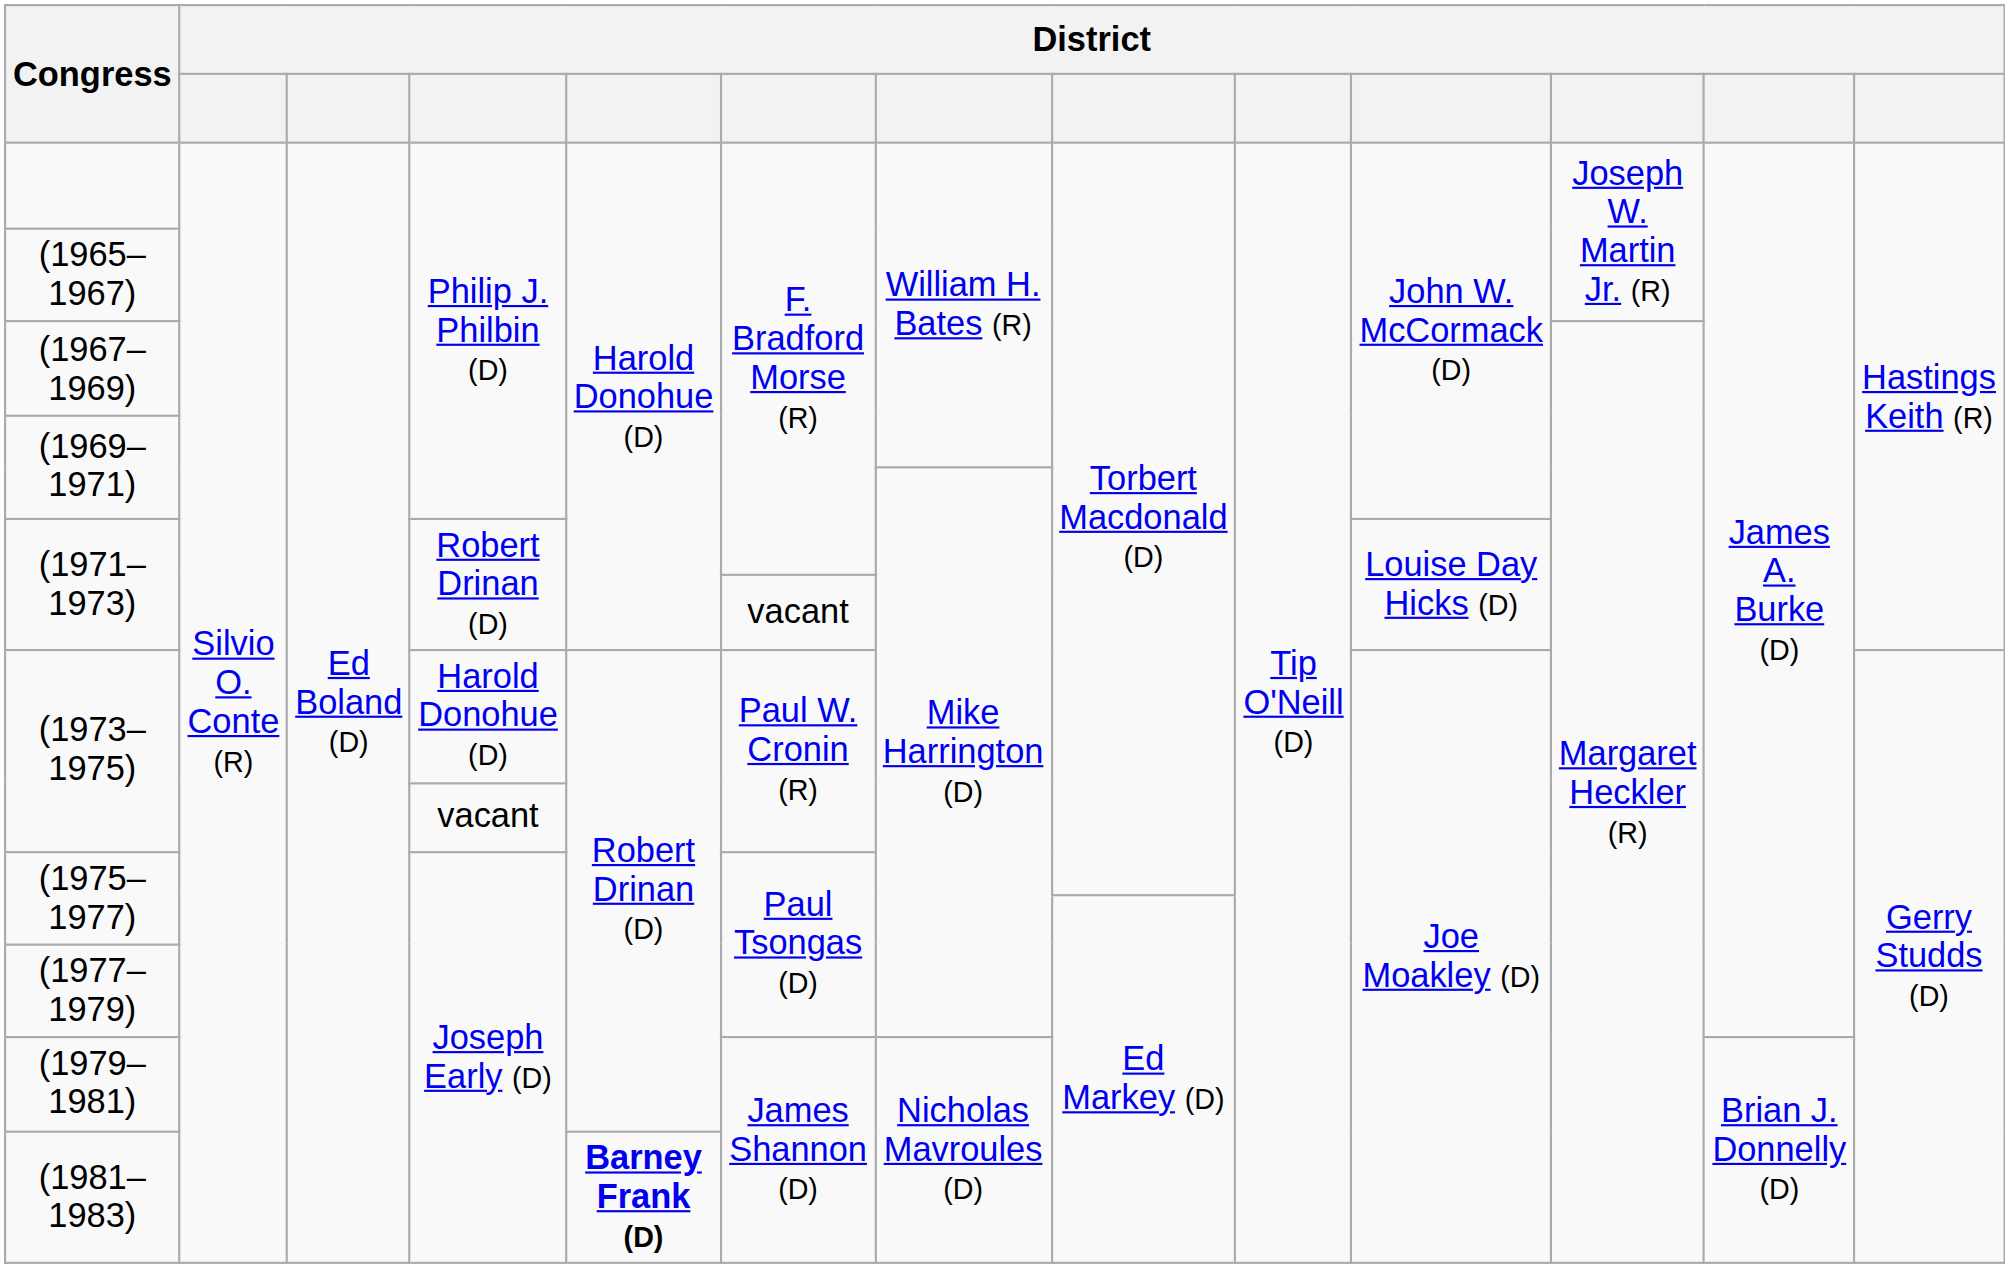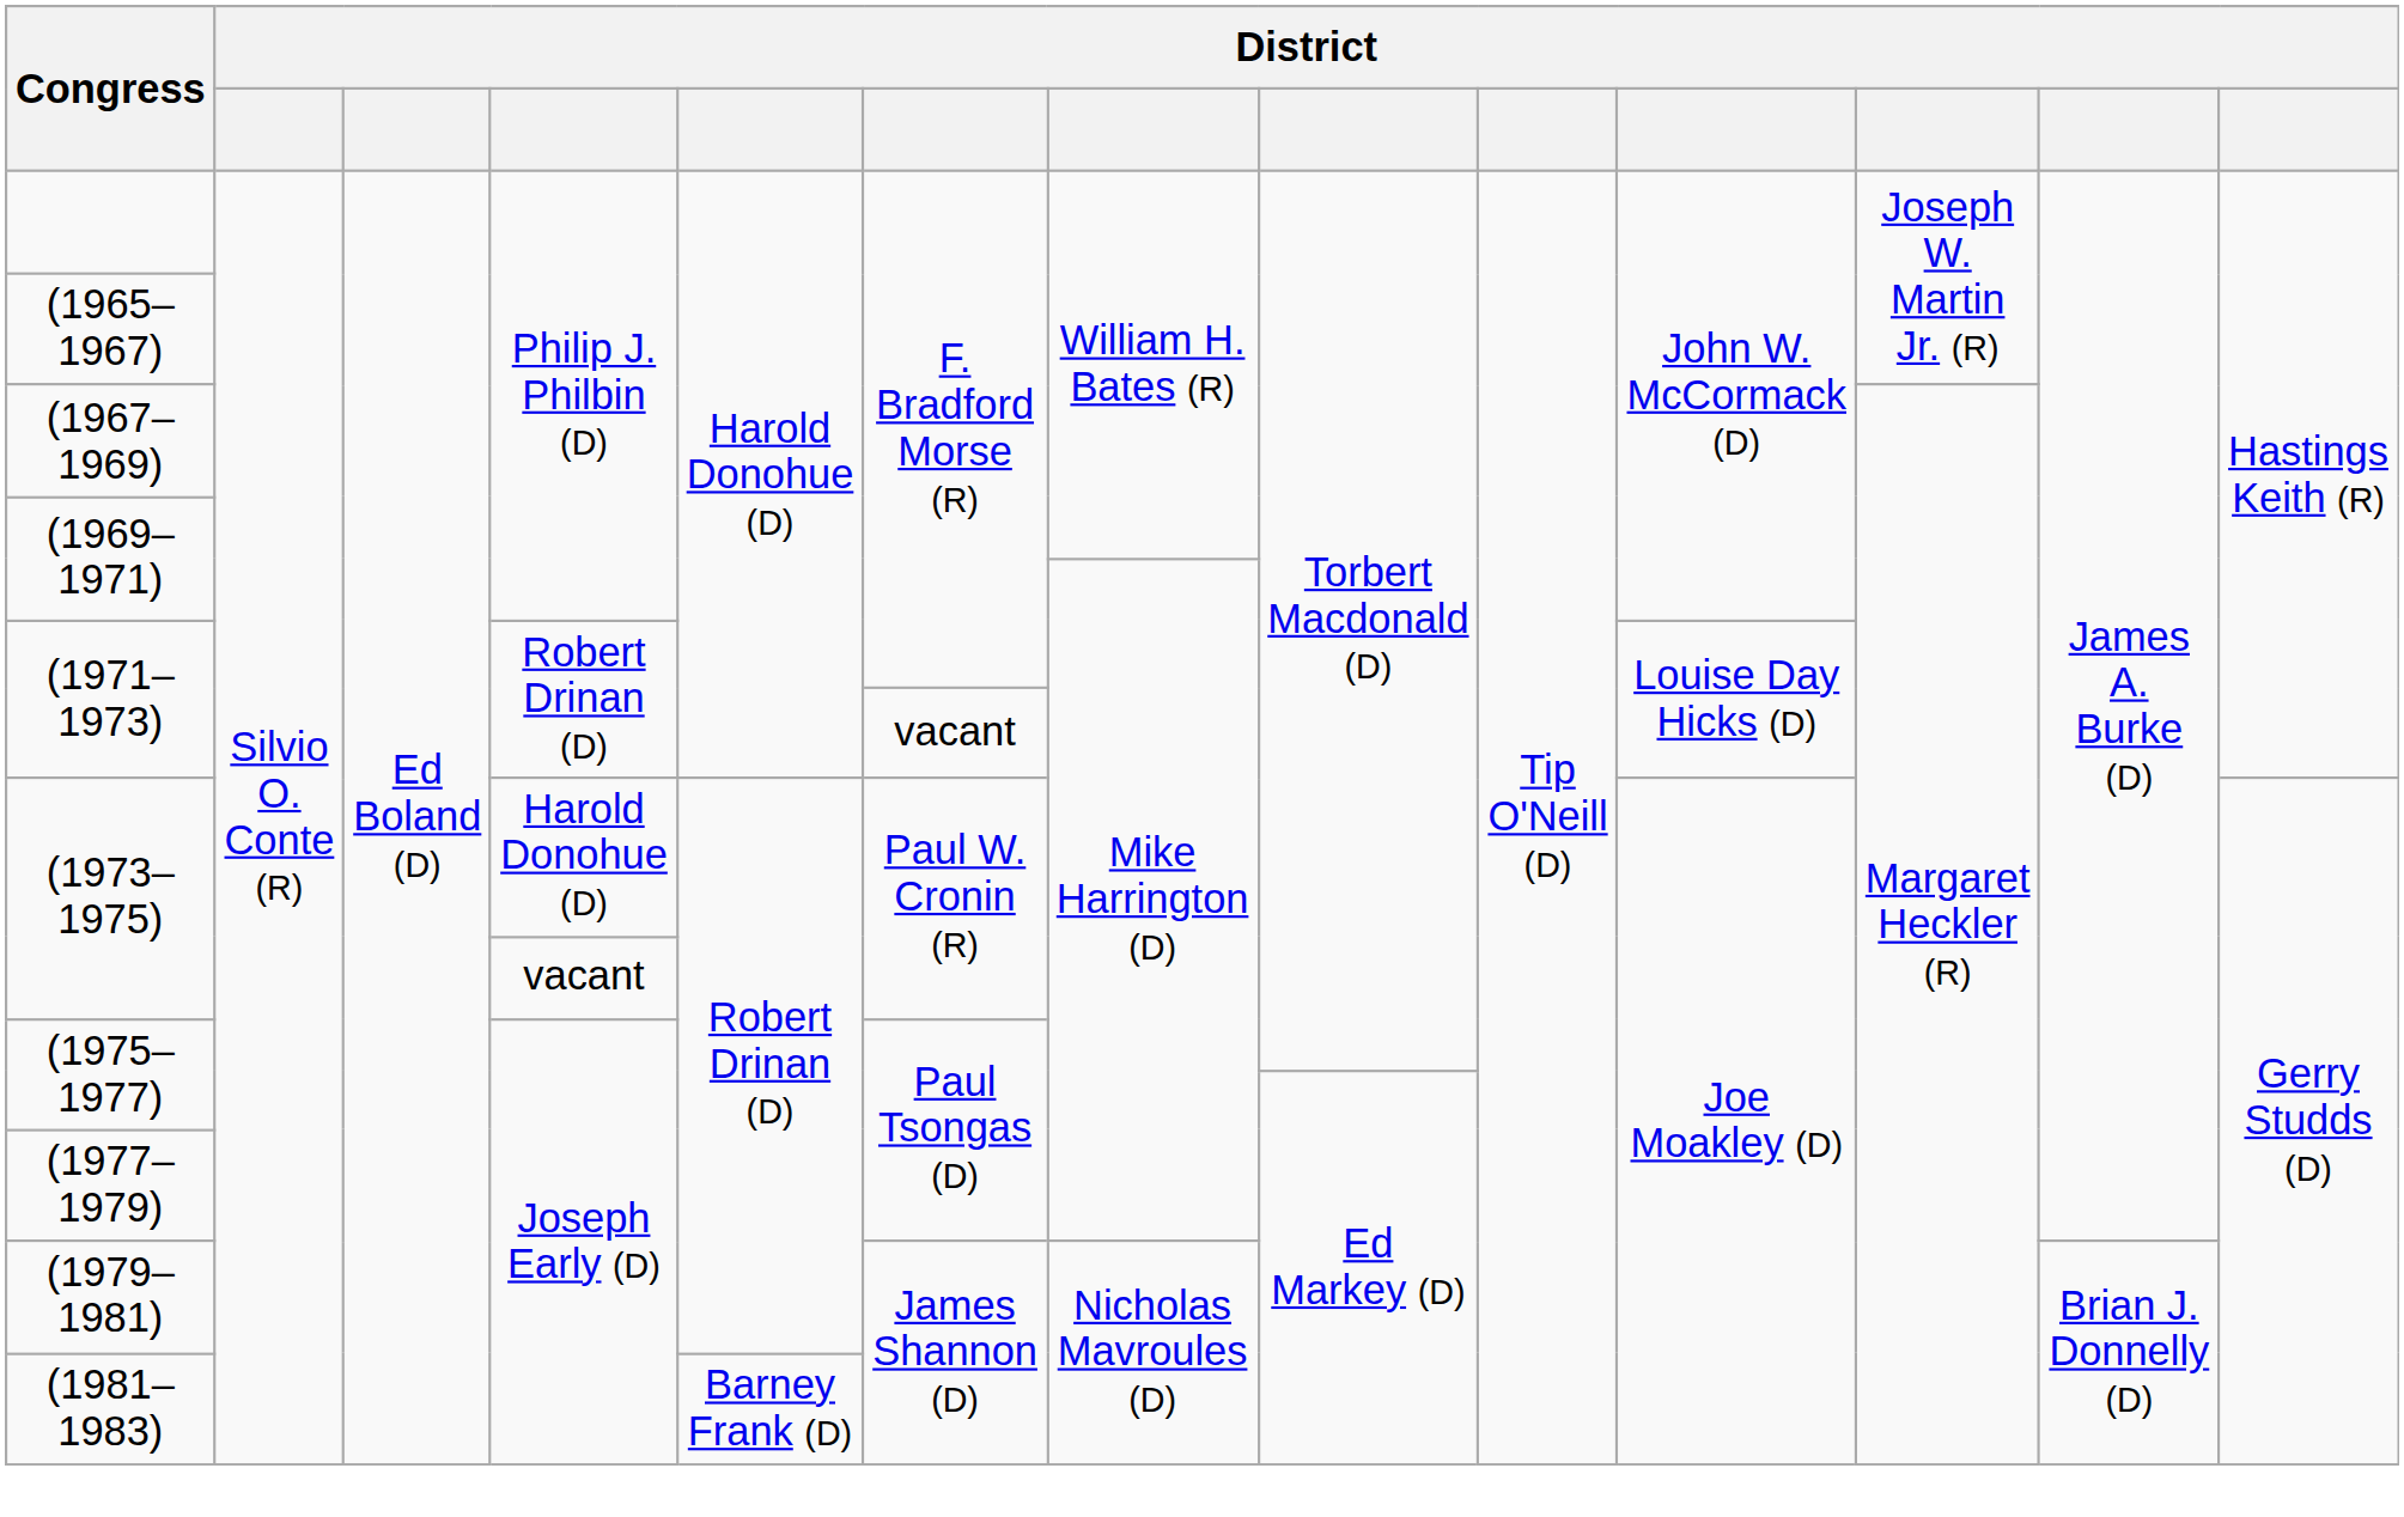 <table class=wikitable style="text-align:center">
 <tr style="height:2em">
 <th rowspan=2>Congress</th>
 <th colspan=12>District</th>
 </tr>
 <tr style="height:2em">
 <th></th>
 <th></th>
 <th></th>
 <th></th>
 <th></th>
 <th></th>
 <th></th>
 <th></th>
 <th></th>
 <th></th>
 <th></th>
 <th></th>
 </tr>
 <tr style="height:2.5em">
 <td scope=row><strong></strong> </td>
 <td rowspan=14 ><a href='#'>Silvio O.<br>Conte</a> <small>(R)</small></td>
 <td rowspan=14 ><a href='#'>Ed<br>Boland</a><br><small>(D)</small></td>
 <td rowspan=5 ><a href='#'>Philip J.<br>Philbin</a> <small>(D)</small></td>
 <td rowspan=7 ><a href='#'>Harold<br>Donohue</a><br><small>(D)</small></td>
 <td rowspan=6 ><a href='#'>F. Bradford<br>Morse</a> <small>(R)</small></td>
 <td rowspan=4 ><a href='#'>William H.<br>Bates</a> <small>(R)</small></td>
 <td rowspan=10 ><a href='#'>Torbert<br>Macdonald</a><br><small>(D)</small></td>
 <td rowspan=14 ><a href='#'>Tip<br>O'Neill</a><br><small>(D)</small></td>
 <td rowspan=5 ><a href='#'>John W.<br>McCormack</a><br><small>(D)</small></td>
 <td rowspan=2 ><a href='#'>Joseph W.<br>Martin Jr.</a> <small>(R)</small></td>
 <td rowspan=12 ><a href='#'>James A.<br>Burke</a> <small>(D)</small></td>
 <td rowspan=7 ><a href='#'>Hastings<br>Keith</a> <small>(R)</small></td>
 </tr>
 <tr style="height:2.5em">
 <td scope=row><strong></strong> (1965–1967)</td>
 </tr>
 <tr style="height:2.5em">
 <td scope=row><strong></strong> (1967–1969)</td>
 <td rowspan=12 ><a href='#'>Margaret<br>Heckler</a> <small>(R)</small></td>
 </tr>
 <tr style="height:1.5em">
 <td scope=row rowspan=2><strong></strong> (1969–1971)</td>
 </tr>
 <tr style="height:1.5em">
 <td rowspan=8 ><a href='#'>Mike<br>Harrington</a><br><small>(D)</small></td>
 </tr>
 <tr style="height:1.5em">
 <td scope=row rowspan=2><strong></strong> (1971–1973)</td>
 <td rowspan=2 ><a href='#'>Robert<br>Drinan</a> <small>(D)</small></td>
 <td rowspan=2 ><a href='#'>Louise Day<br>Hicks</a> <small>(D)</small></td>
 </tr>
 <tr style="height:2em">
 <td>vacant</td>
 </tr>
 <tr style="height:2.5em">
 <td scope=row rowspan=2><strong></strong> (1973–1975)</td>
 <td><a href='#'>Harold<br>Donohue</a> <small>(D)</small></td>
 <td rowspan=6 ><a href='#'>Robert<br>Drinan</a> <small>(D)</small></td>
 <td rowspan=2 ><a href='#'>Paul W.<br>Cronin</a> <small>(R)</small></td>
 <td rowspan=7 ><a href='#'>Joe<br>Moakley</a> <small>(D)</small></td>
 <td rowspan=7 ><a href='#'>Gerry<br>Studds</a> <small>(D)</small></td>
 </tr>
 <tr style="height:2em">
 <td>vacant</td>
 </tr>
 <tr style="height:1.25em">
 <td scope=row rowspan=2><strong></strong> (1975–1977)</td>
 <td rowspan=5 ><a href='#'>Joseph<br>Early</a> <small>(D)</small></td>
 <td rowspan=3 ><a href='#'>Paul<br>Tsongas</a> <small>(D)</small></td>
 </tr>
 <tr style="height:1.25em">
 <td rowspan=4 ><a href='#'>Ed<br>Markey</a> <small>(D)</small></td>
 </tr>
 <tr style="height:2.5em">
 <td scope=row><strong></strong> (1977–1979)</td>
 </tr>
 <tr style="height:2.5em">
 <td scope=row><strong></strong> (1979–1981)</td>
 <td rowspan=2 ><a href='#'>James<br>Shannon</a><br><small>(D)</small></td>
 <td rowspan=2 ><a href='#'>Nicholas<br>Mavroules</a><br><small>(D)</small></td>
 <td rowspan=2 ><a href='#'>Brian J.<br>Donnelly</a><br><small>(D)</small></td>
 </tr>
 <tr style="height:2.5em">
 <td scope=row><strong></strong> (1981–1983)</td>
-<td><strong><a href='#'>Barney<br>Frank</a> <small>(D)</small></strong></td>
+<td><a href='#'>Barney<br>Frank</a> <small>(D)</small></td>
 </tr>
 </table>
